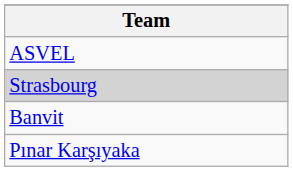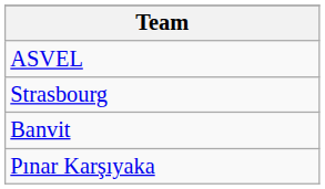 <table class="wikitable" style="width:14em;float:left; margin-right:0.5em">
 <tr>
 </tr>
 <tr>
 <th>Team</th>
 </tr>
 <tr>
 <td> <a href='#'>ASVEL</a></td>
 </tr>
 <tr>
-<td style="background: lightgrey;"> <a href='#'>Strasbourg</a></td>
+<td> <a href='#'>Strasbourg</a></td>
 </tr>
 <tr>
 <td> <a href='#'>Banvit</a></td>
 </tr>
 <tr>
 <td> <a href='#'>Pınar Karşıyaka</a></td>
 </tr>
 </table>
